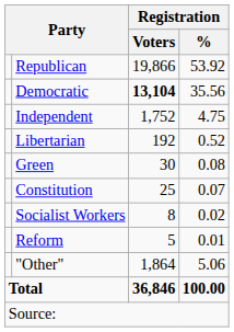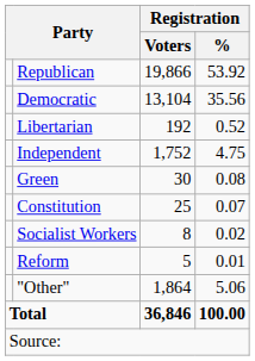 <table class="wikitable">
 <tr>
 <th colspan="2" rowspan="2">Party</th>
 <th colspan="2">Registration</th>
 </tr>
 <tr>
 <th>Voters</th>
 <th>%</th>
 </tr>
 <tr>
 <td style="background-color:"></td>
 <td><a href='#'>Republican</a></td>
 <td style="text-align:right;">19,866</td>
 <td style="text-align:right;">53.92</td>
 </tr>
 <tr>
 <td style="background-color:"></td>
 <td><a href='#'>Democratic</a></td>
-<td style="text-align:right;"><strong>13,104</strong></td>
+<td style="text-align:right;">13,104</td>
 <td style="text-align:right;">35.56</td>
+</tr>
+<tr>
+<td style="background-color:"></td>
+<td><a href='#'>Libertarian</a></td>
+<td style="text-align:right;">192</td>
+<td style="text-align:right;">0.52</td>
 </tr>
 <tr>
 <td style="background-color:"></td>
 <td><a href='#'>Independent</a></td>
 <td style="text-align:right;">1,752</td>
 <td style="text-align:right;">4.75</td>
-</tr>
-<tr>
-<td style="background-color:"></td>
-<td><a href='#'>Libertarian</a></td>
-<td style="text-align:right;">192</td>
-<td style="text-align:right;">0.52</td>
 </tr>
 <tr>
 <td style="background-color:"></td>
 <td><a href='#'>Green</a></td>
 <td style="text-align:right;">30</td>
 <td style="text-align:right;">0.08</td>
 </tr>
 <tr>
 <td style="background-color:"></td>
 <td><a href='#'>Constitution</a></td>
 <td style="text-align:right;">25</td>
 <td style="text-align:right;">0.07</td>
 </tr>
 <tr>
 <td style="background-color:"></td>
 <td><a href='#'>Socialist Workers</a></td>
 <td style="text-align:right;">8</td>
 <td style="text-align:right;">0.02</td>
 </tr>
 <tr>
 <td style="background-color:"></td>
 <td><a href='#'>Reform</a></td>
 <td style="text-align:right;">5</td>
 <td style="text-align:right;">0.01</td>
 </tr>
 <tr>
 <td></td>
 <td>"Other"</td>
 <td style="text-align:right;">1,864</td>
 <td style="text-align:right;">5.06</td>
 </tr>
 <tr>
 <td colspan="2"><strong>Total</strong></td>
 <td style="text-align:right;"><strong>36,846</strong></td>
 <td style="text-align:right;"><strong>100.00</strong></td>
 </tr>
 <tr>
 <td colspan="4">Source: <em></em></td>
 </tr>
 </table>
